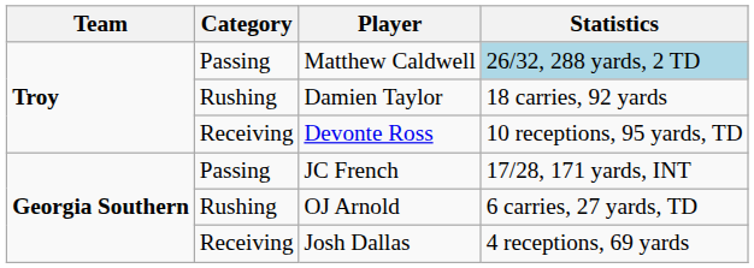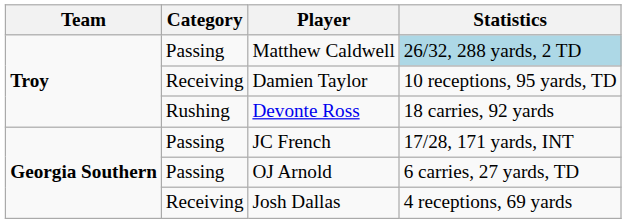 <table class="wikitable" style="float: right;">
 <tr>
 <th>Team</th>
 <th>Category</th>
 <th>Player</th>
 <th>Statistics</th>
 </tr>
 <tr>
 <td rowspan=3><strong>Troy</strong></td>
 <td>Passing</td>
 <td>Matthew Caldwell</td>
 <td style="background: lightblue;">26/32, 288 yards, 2 TD</td>
 </tr>
 <tr>
-<td>Rushing</td>
+<td>Receiving</td>
 <td>Damien Taylor</td>
-<td>18 carries, 92 yards</td>
+<td>10 receptions, 95 yards, TD</td>
 </tr>
 <tr>
-<td>Receiving</td>
+<td>Rushing</td>
 <td><a href='#'>Devonte Ross</a></td>
-<td>10 receptions, 95 yards, TD</td>
+<td>18 carries, 92 yards</td>
 </tr>
 <tr>
 <td rowspan=3><strong>Georgia Southern</strong></td>
 <td>Passing</td>
 <td>JC French</td>
 <td>17/28, 171 yards, INT</td>
 </tr>
 <tr>
-<td>Rushing</td>
+<td>Passing</td>
 <td>OJ Arnold</td>
 <td>6 carries, 27 yards, TD</td>
 </tr>
 <tr>
 <td>Receiving</td>
 <td>Josh Dallas</td>
 <td>4 receptions, 69 yards</td>
 </tr>
 </table>
